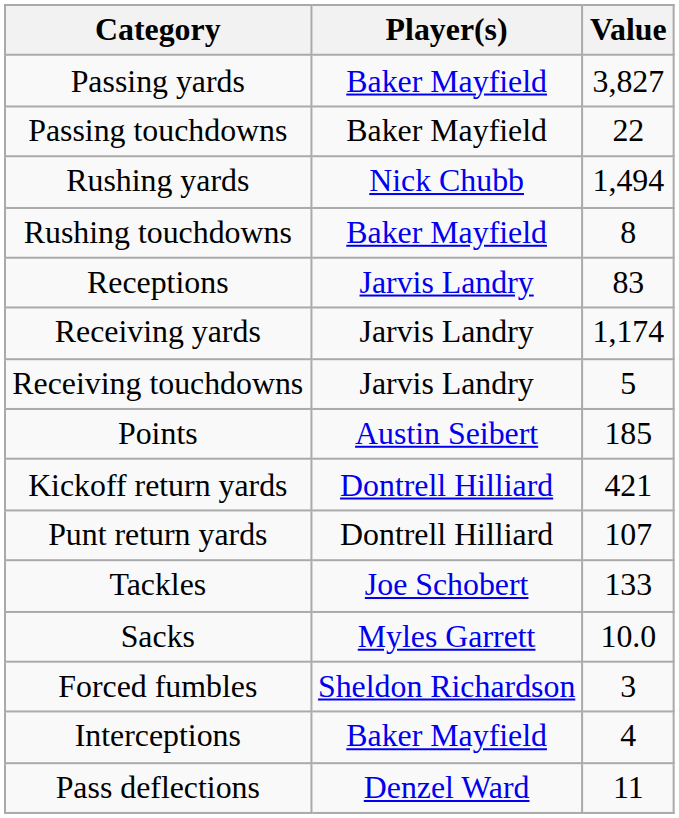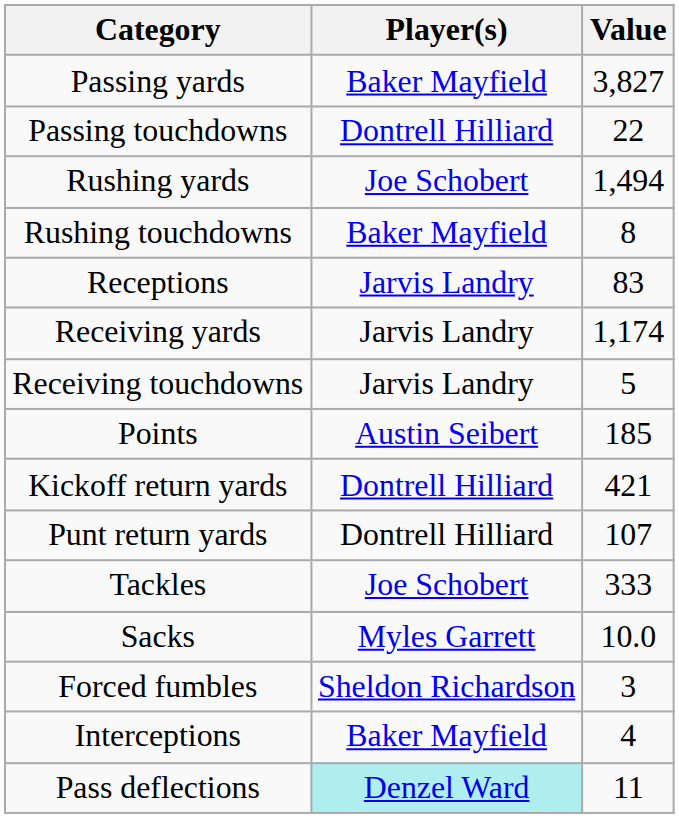 <table class="wikitable" style="text-align:center">
 <tr>
 <th>Category</th>
 <th>Player(s)</th>
 <th>Value</th>
 </tr>
 <tr>
 <td>Passing yards</td>
 <td><a href='#'>Baker Mayfield</a></td>
 <td>3,827</td>
 </tr>
 <tr>
 <td>Passing touchdowns</td>
-<td>Baker Mayfield</td>
+<td><a href='#'>Dontrell Hilliard</a></td>
 <td>22</td>
 </tr>
 <tr>
 <td>Rushing yards</td>
-<td><a href='#'>Nick Chubb</a></td>
+<td><a href='#'>Joe Schobert</a></td>
 <td>1,494</td>
 </tr>
 <tr>
 <td>Rushing touchdowns</td>
 <td><a href='#'>Baker Mayfield</a></td>
 <td>8</td>
 </tr>
 <tr>
 <td>Receptions</td>
 <td><a href='#'>Jarvis Landry</a></td>
 <td>83</td>
 </tr>
 <tr>
 <td>Receiving yards</td>
 <td>Jarvis Landry</td>
 <td>1,174</td>
 </tr>
 <tr>
 <td>Receiving touchdowns</td>
 <td>Jarvis Landry</td>
 <td>5</td>
 </tr>
 <tr>
 <td>Points</td>
 <td><a href='#'>Austin Seibert</a></td>
 <td>185</td>
 </tr>
 <tr>
 <td>Kickoff return yards</td>
 <td><a href='#'>Dontrell Hilliard</a></td>
 <td>421</td>
 </tr>
 <tr>
 <td>Punt return yards</td>
 <td>Dontrell Hilliard</td>
 <td>107</td>
 </tr>
 <tr>
 <td>Tackles</td>
 <td><a href='#'>Joe Schobert</a></td>
-<td>133</td>
+<td>333</td>
 </tr>
 <tr>
 <td>Sacks</td>
 <td><a href='#'>Myles Garrett</a></td>
 <td>10.0</td>
 </tr>
 <tr>
 <td>Forced fumbles</td>
 <td><a href='#'>Sheldon Richardson</a></td>
 <td>3</td>
 </tr>
 <tr>
 <td>Interceptions</td>
 <td><a href='#'>Baker Mayfield</a></td>
 <td>4</td>
 </tr>
 <tr>
 <td>Pass deflections</td>
-<td><a href='#'>Denzel Ward</a></td>
+<td style="background: paleturquoise;"><a href='#'>Denzel Ward</a></td>
 <td>11</td>
 </tr>
 </table>
